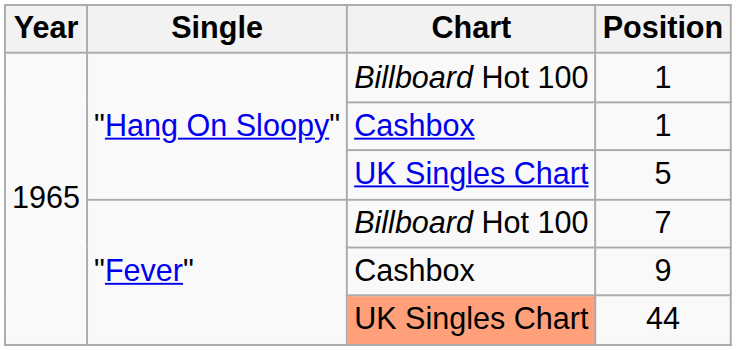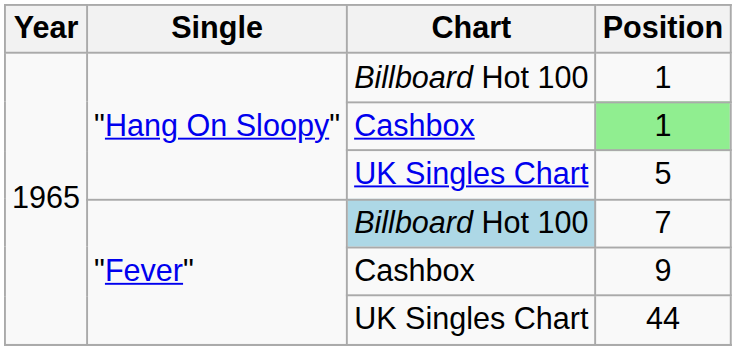 <table class="wikitable">
 <tr>
 <th>Year</th>
 <th>Single</th>
 <th>Chart</th>
 <th>Position</th>
 </tr>
 <tr>
 <td rowspan="6">1965</td>
 <td rowspan="3">"<a href='#'>Hang On Sloopy</a>"</td>
 <td><em>Billboard</em> Hot 100</td>
 <td align="center">1</td>
 </tr>
 <tr>
 <td><a href='#'>Cashbox</a></td>
-<td align="center">1</td>
+<td align="center" style="background: lightgreen;">1</td>
 </tr>
 <tr>
 <td><a href='#'>UK Singles Chart</a></td>
 <td align="center">5</td>
 </tr>
 <tr>
 <td rowspan="3">"<a href='#'>Fever</a>"</td>
-<td><em>Billboard</em> Hot 100</td>
+<td style="background: lightblue;"><em>Billboard</em> Hot 100</td>
 <td align="center">7</td>
 </tr>
 <tr>
 <td>Cashbox</td>
 <td align="center">9</td>
 </tr>
 <tr>
-<td style="background: lightsalmon;">UK Singles Chart</td>
+<td>UK Singles Chart</td>
 <td align="center">44</td>
 </tr>
 <tr>
 </tr>
 </table>
